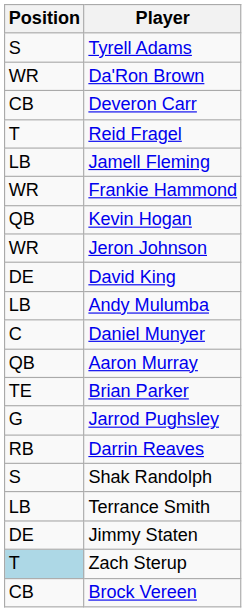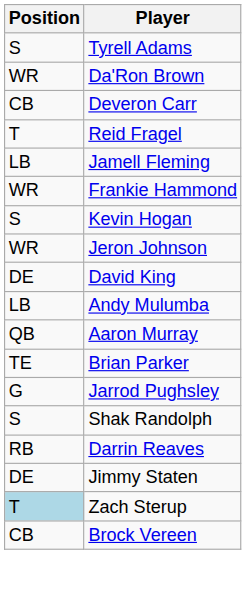 <table class="wikitable">
 <tr>
 <th>Position</th>
 <th>Player</th>
 </tr>
 <tr>
 <td>S</td>
 <td><a href='#'>Tyrell Adams</a></td>
 </tr>
 <tr>
 <td>WR</td>
 <td><a href='#'>Da'Ron Brown</a></td>
 </tr>
 <tr>
 <td>CB</td>
 <td><a href='#'>Deveron Carr</a></td>
 </tr>
 <tr>
 <td>T</td>
 <td><a href='#'>Reid Fragel</a></td>
 </tr>
 <tr>
 <td>LB</td>
 <td><a href='#'>Jamell Fleming</a></td>
 </tr>
 <tr>
 <td>WR</td>
 <td><a href='#'>Frankie Hammond</a></td>
 </tr>
 <tr>
-<td>QB</td>
+<td>S</td>
 <td><a href='#'>Kevin Hogan</a></td>
 </tr>
 <tr>
 <td>WR</td>
 <td><a href='#'>Jeron Johnson</a></td>
 </tr>
 <tr>
 <td>DE</td>
 <td><a href='#'>David King</a></td>
 </tr>
 <tr>
 <td>LB</td>
 <td><a href='#'>Andy Mulumba</a></td>
 </tr>
 <tr>
-<td>C</td>
-<td><a href='#'>Daniel Munyer</a></td>
-</tr>
-<tr>
 <td>QB</td>
 <td><a href='#'>Aaron Murray</a></td>
 </tr>
 <tr>
 <td>TE</td>
 <td><a href='#'>Brian Parker</a></td>
 </tr>
 <tr>
 <td>G</td>
 <td><a href='#'>Jarrod Pughsley</a></td>
 </tr>
 <tr>
-<td>RB</td>
-<td><a href='#'>Darrin Reaves</a></td>
-</tr>
-<tr>
 <td>S</td>
 <td>Shak Randolph</td>
 </tr>
 <tr>
-<td>LB</td>
-<td>Terrance Smith</td>
+<td>RB</td>
+<td><a href='#'>Darrin Reaves</a></td>
 </tr>
 <tr>
 <td>DE</td>
 <td>Jimmy Staten</td>
 </tr>
 <tr>
 <td style="background: lightblue;">T</td>
 <td>Zach Sterup</td>
 </tr>
 <tr>
 <td>CB</td>
 <td><a href='#'>Brock Vereen</a></td>
 </tr>
 </table>
